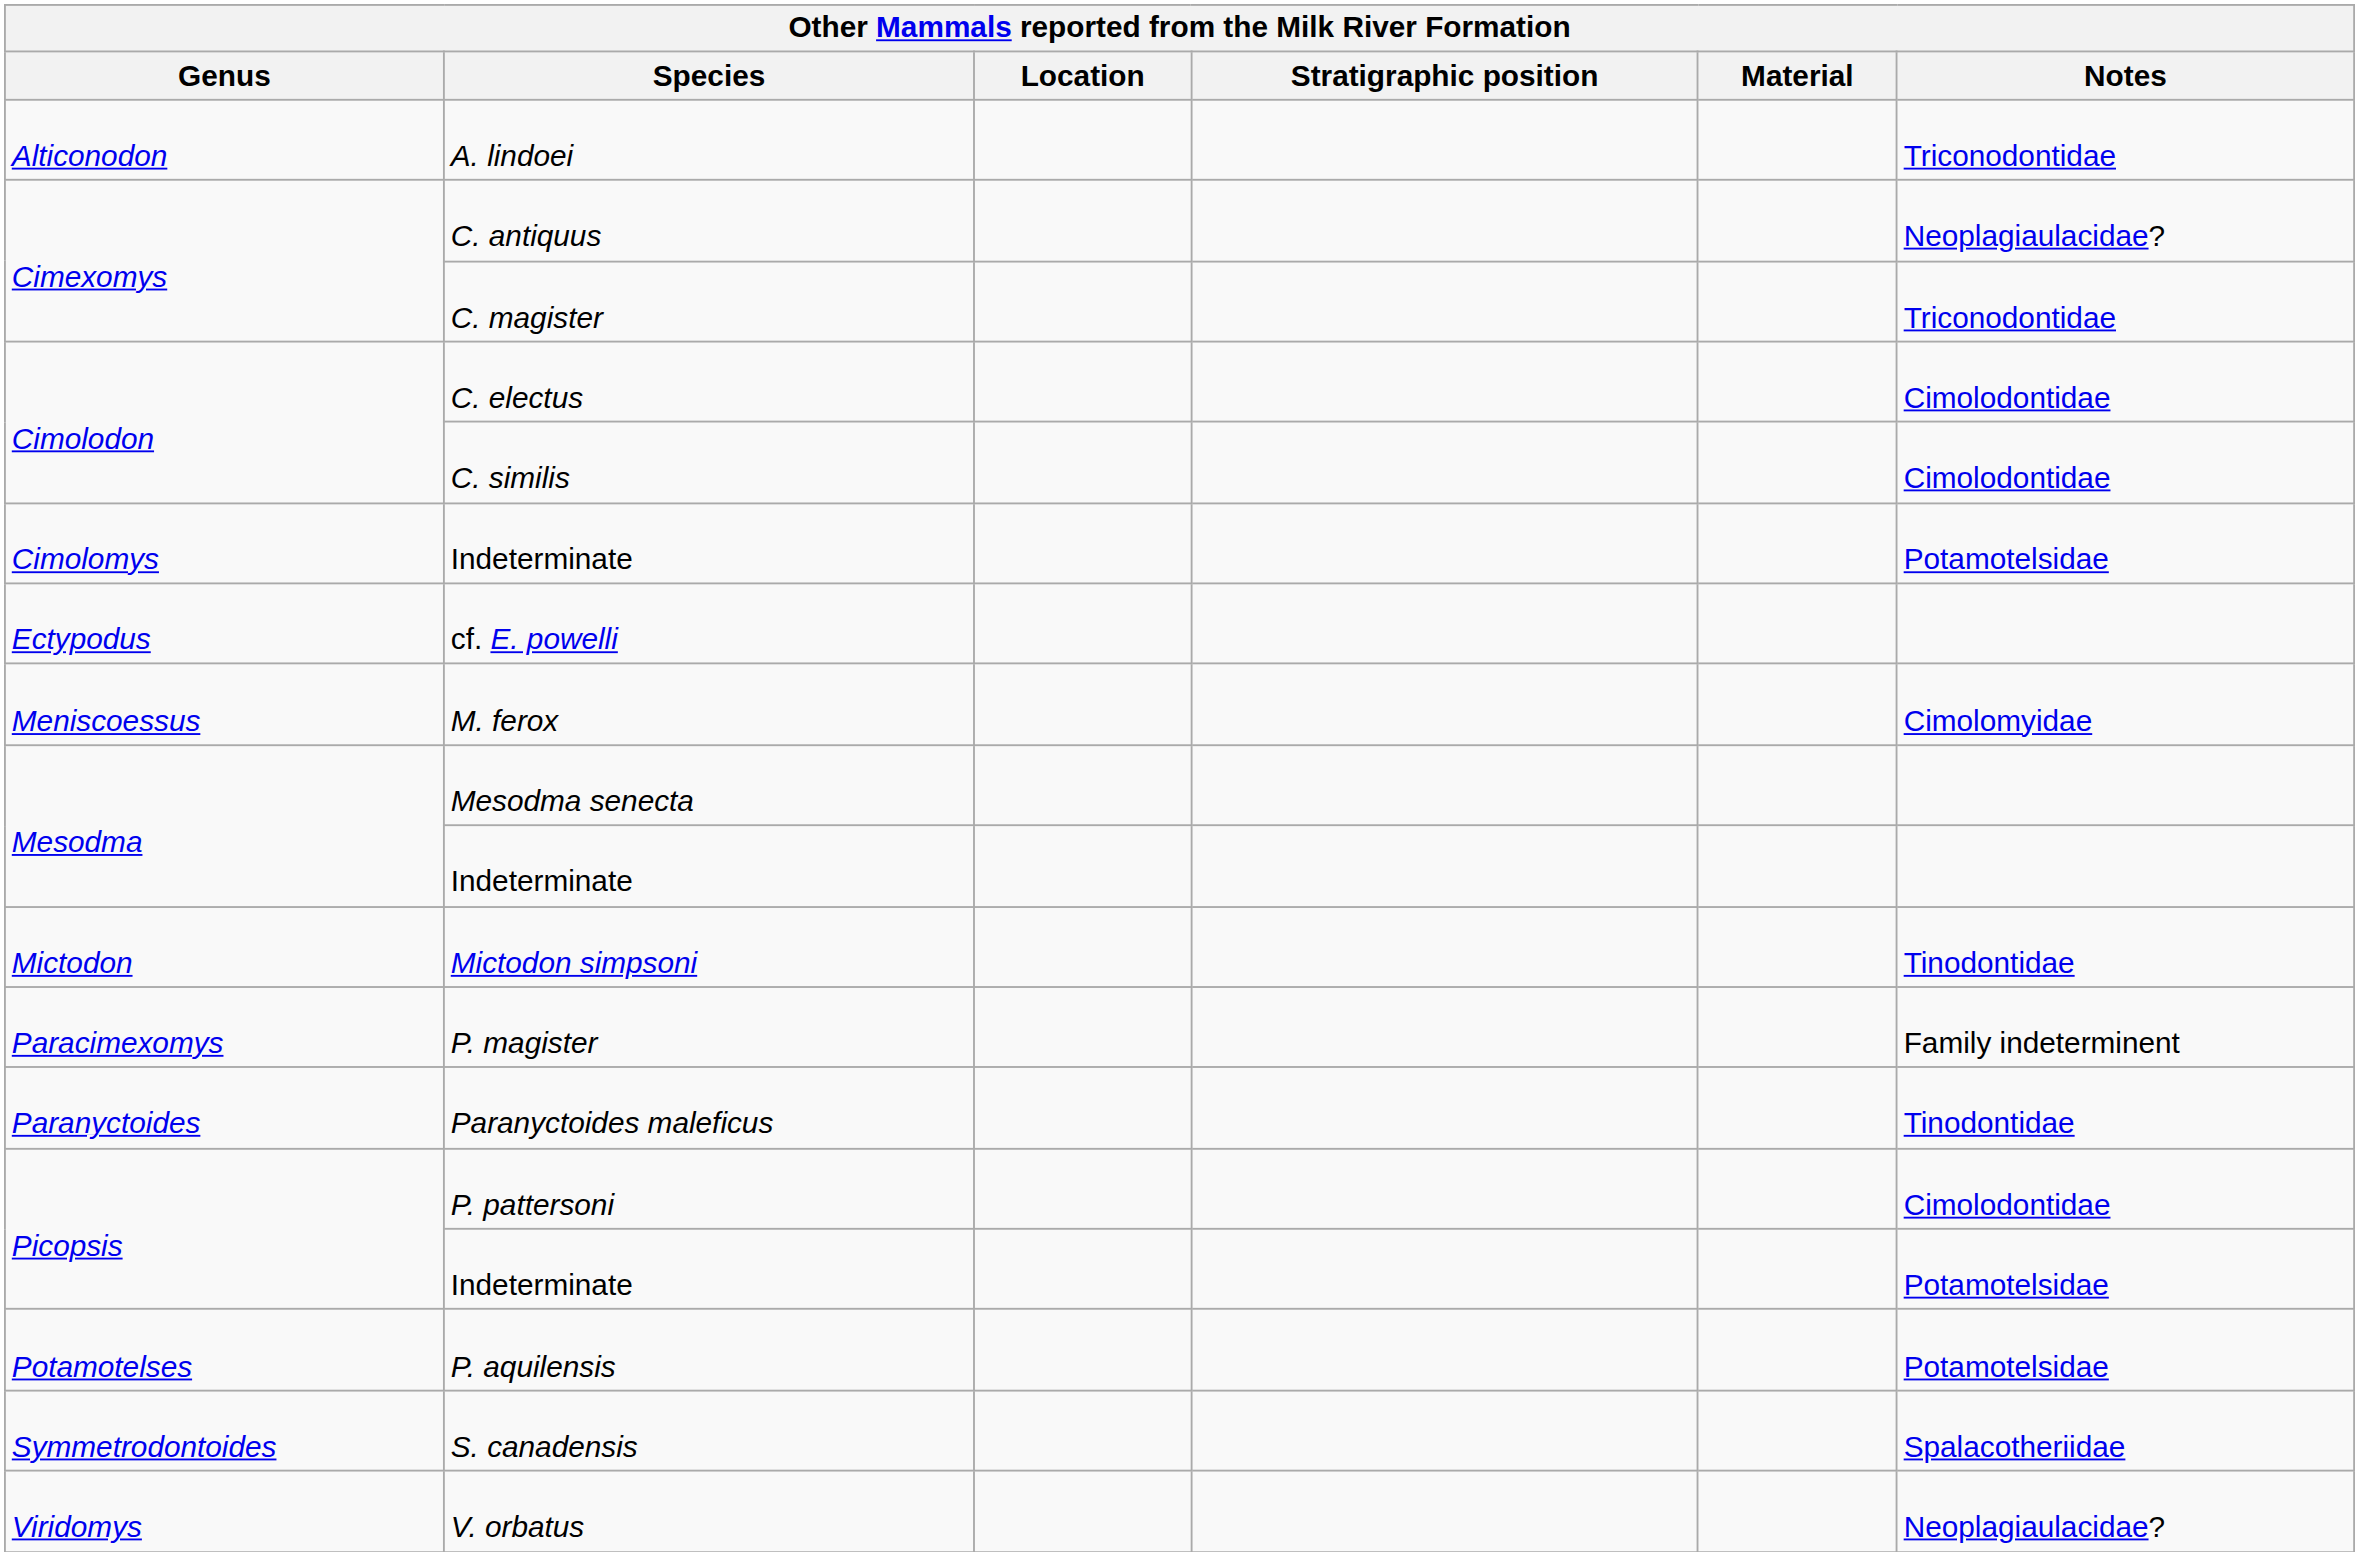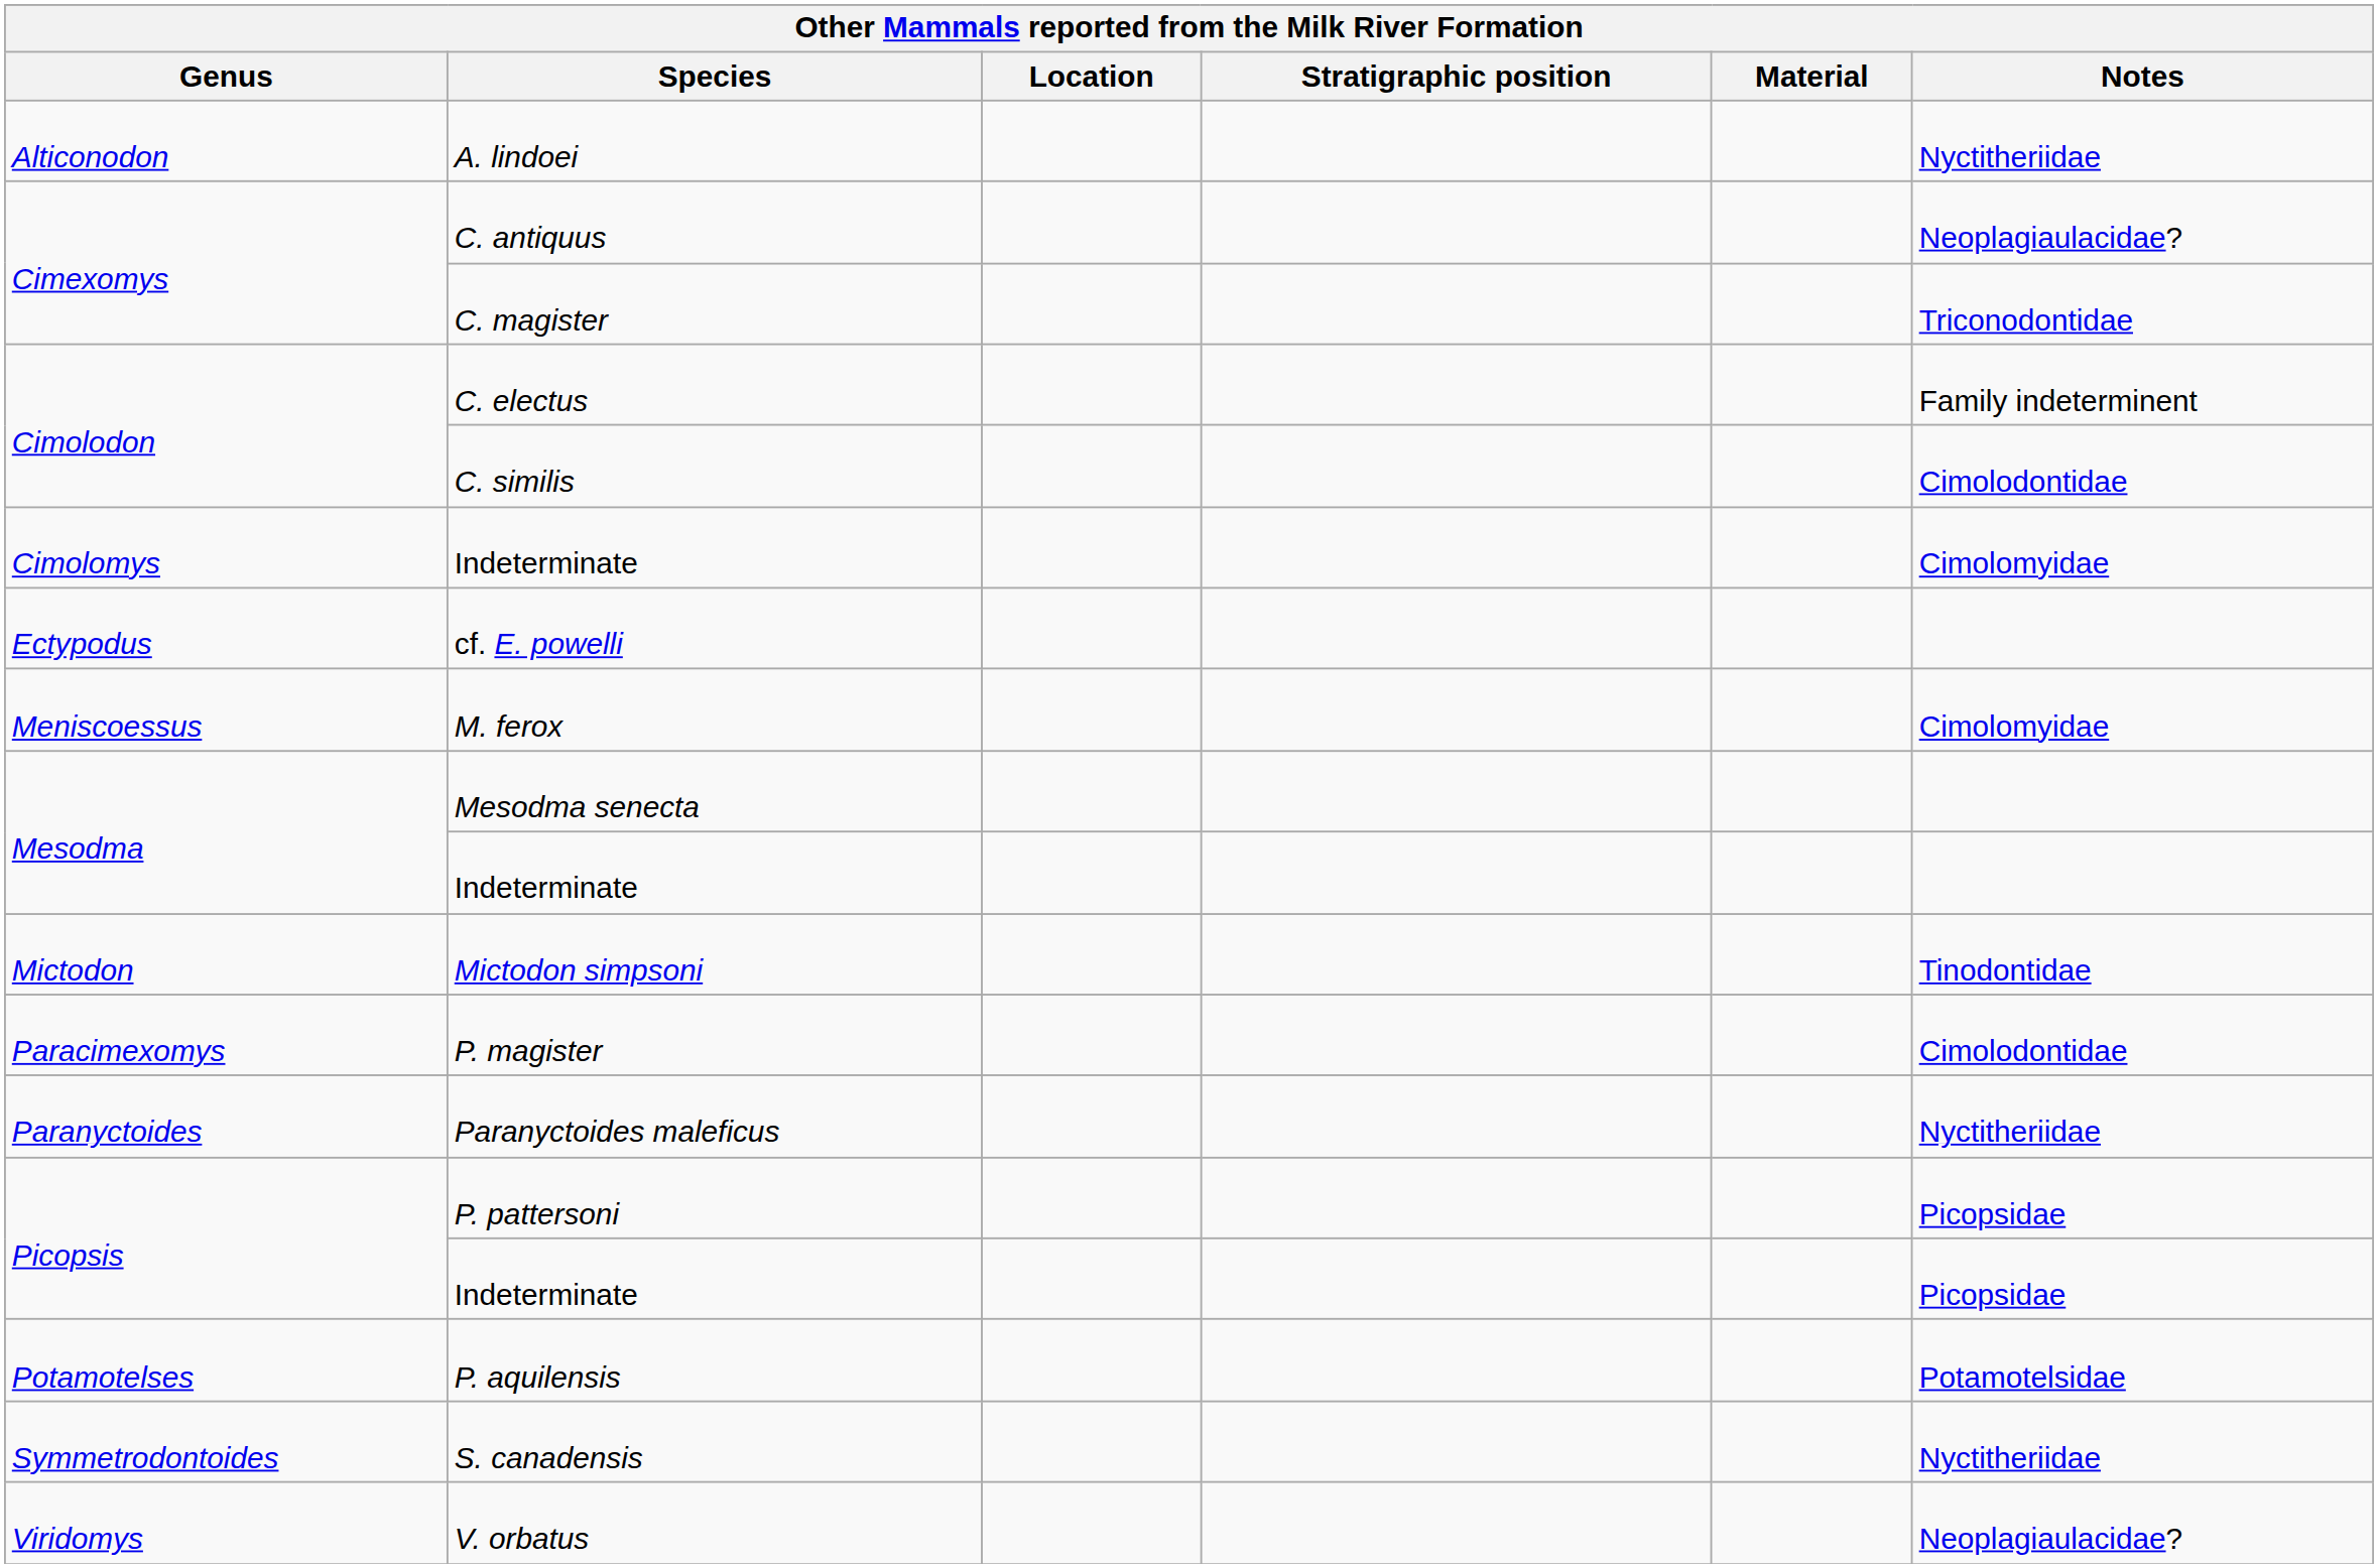 <table class="wikitable" align="center" width="100%">
 <tr>
 <th colspan="7" align="center"><strong>Other <a href='#'>Mammals</a> reported from the Milk River Formation</strong></th>
 </tr>
 <tr>
 <th>Genus</th>
 <th>Species</th>
 <th>Location</th>
 <th>Stratigraphic position</th>
 <th>Material</th>
 <th>Notes<br></th>
 </tr>
 <tr>
 <td><br><em><a href='#'>Alticonodon</a></em></td>
 <td><br><em>A. lindoei</em></td>
 <td></td>
 <td></td>
 <td></td>
-<td><br><a href='#'>Triconodontidae</a> </td>
+<td><br><a href='#'>Nyctitheriidae</a></td>
 </tr>
 <tr>
 <td rowspan="2"><br><em><a href='#'>Cimexomys</a></em></td>
 <td><br><em>C. antiquus</em></td>
 <td></td>
 <td></td>
 <td></td>
 <td><br><a href='#'>Neoplagiaulacidae</a>?</td>
 </tr>
 <tr>
 <td><br><em>C. magister</em></td>
 <td></td>
 <td></td>
 <td></td>
 <td><br><a href='#'>Triconodontidae</a> </td>
 </tr>
 <tr>
 <td rowspan="2"><br><em><a href='#'>Cimolodon</a></em></td>
 <td><br><em>C. electus</em></td>
 <td></td>
 <td></td>
 <td></td>
-<td><br><a href='#'>Cimolodontidae</a></td>
+<td><br>Family indeterminent</td>
 </tr>
 <tr>
 <td><br><em>C. similis</em></td>
 <td></td>
 <td></td>
 <td></td>
 <td><br><a href='#'>Cimolodontidae</a></td>
 </tr>
 <tr>
 <td><br><em><a href='#'>Cimolomys</a></em></td>
 <td><br>Indeterminate</td>
 <td></td>
 <td></td>
 <td></td>
-<td><br><a href='#'>Potamotelsidae</a></td>
+<td><br><a href='#'>Cimolomyidae</a></td>
 </tr>
 <tr>
 <td><br><em><a href='#'>Ectypodus</a></em></td>
 <td><br>cf. <em><a href='#'>E. powelli</a></em></td>
 <td></td>
 <td></td>
 <td></td>
 <td></td>
 </tr>
 <tr>
 <td><br><em><a href='#'>Meniscoessus</a></em></td>
 <td><br><em>M. ferox</em></td>
 <td></td>
 <td></td>
 <td></td>
 <td><br><a href='#'>Cimolomyidae</a></td>
 </tr>
 <tr>
 <td rowspan="2"><br><em><a href='#'>Mesodma</a></em></td>
 <td><br><em>Mesodma senecta</em></td>
 <td></td>
 <td></td>
 <td></td>
 <td></td>
 </tr>
 <tr>
 <td><br>Indeterminate</td>
 <td></td>
 <td></td>
 <td></td>
 <td></td>
 </tr>
 <tr>
 <td><br><em><a href='#'>Mictodon</a></em></td>
 <td><br><em><a href='#'>Mictodon simpsoni</a></em></td>
 <td></td>
 <td></td>
 <td></td>
 <td><br><a href='#'>Tinodontidae</a></td>
 </tr>
 <tr>
 <td><br><em><a href='#'>Paracimexomys</a></em></td>
 <td><br><em>P. magister</em></td>
 <td></td>
 <td></td>
 <td></td>
-<td><br>Family indeterminent</td>
+<td><br><a href='#'>Cimolodontidae</a></td>
 </tr>
 <tr>
 <td><br><em><a href='#'>Paranyctoides</a></em></td>
 <td><br><em>Paranyctoides maleficus</em></td>
 <td></td>
 <td></td>
 <td></td>
-<td><br><a href='#'>Tinodontidae</a></td>
+<td><br><a href='#'>Nyctitheriidae</a></td>
 </tr>
 <tr>
 <td rowspan="2"><br><em><a href='#'>Picopsis</a></em></td>
 <td><br><em>P. pattersoni</em></td>
 <td></td>
 <td></td>
 <td></td>
-<td><br><a href='#'>Cimolodontidae</a></td>
+<td><br><a href='#'>Picopsidae</a></td>
 </tr>
 <tr>
 <td><br>Indeterminate</td>
 <td></td>
 <td></td>
 <td></td>
-<td><br><a href='#'>Potamotelsidae</a></td>
+<td><br><a href='#'>Picopsidae</a></td>
 </tr>
 <tr>
 <td><br><em><a href='#'>Potamotelses</a></em></td>
 <td><br><em>P. aquilensis</em></td>
 <td></td>
 <td></td>
 <td></td>
 <td><br><a href='#'>Potamotelsidae</a></td>
 </tr>
 <tr>
 <td><br><em><a href='#'>Symmetrodontoides</a></em></td>
 <td><br><em>S. canadensis</em></td>
 <td></td>
 <td></td>
 <td></td>
-<td><br><a href='#'>Spalacotheriidae</a></td>
+<td><br><a href='#'>Nyctitheriidae</a></td>
 </tr>
 <tr>
 <td><br><em><a href='#'>Viridomys</a></em></td>
 <td><br><em>V. orbatus</em></td>
 <td></td>
 <td></td>
 <td></td>
 <td><br><a href='#'>Neoplagiaulacidae</a>?</td>
 </tr>
 <tr>
 </tr>
 </table>
